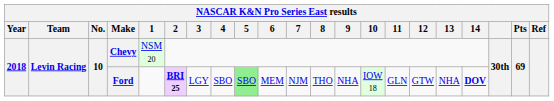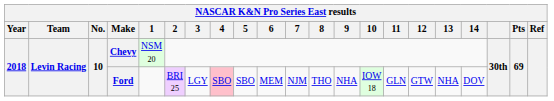 <table class="wikitable" style="text-align:center; font-size:75%">
 <tr>
 <th colspan=45><a href='#'>NASCAR K&N Pro Series East</a> results</th>
 </tr>
 <tr>
 <th>Year</th>
 <th>Team</th>
 <th>No.</th>
 <th>Make</th>
 <th>1</th>
 <th>2</th>
 <th>3</th>
 <th>4</th>
 <th>5</th>
 <th>6</th>
 <th>7</th>
 <th>8</th>
 <th>9</th>
 <th>10</th>
 <th>11</th>
 <th>12</th>
 <th>13</th>
 <th>14</th>
 <th></th>
 <th>Pts</th>
 <th>Ref</th>
 </tr>
 <tr>
 <th rowspan=2><a href='#'>2018</a></th>
 <th rowspan=2><a href='#'>Levin Racing</a></th>
 <th rowspan=2>10</th>
 <th><a href='#'>Chevy</a></th>
 <td style="background:#DFFFDF;"><a href='#'>NSM</a><br><small>20</small></td>
 <td colspan=13></td>
 <th rowspan=2>30th</th>
 <th rowspan=2>69</th>
 <th rowspan=2></th>
 </tr>
 <tr>
 <th><a href='#'>Ford</a></th>
 <td></td>
-<td style="background:#EFCFFF;"><strong><a href='#'>BRI</a><br><small>25</small></strong></td>
+<td style="background:#EFCFFF;"><a href='#'>BRI</a><br><small>25</small></td>
 <td><a href='#'>LGY</a></td>
+<td style="background: pink;"><a href='#'>SBO</a></td>
 <td><a href='#'>SBO</a></td>
-<td style="background: lightgreen;"><a href='#'>SBO</a></td>
 <td><a href='#'>MEM</a></td>
 <td><a href='#'>NJM</a></td>
 <td><a href='#'>THO</a></td>
 <td><a href='#'>NHA</a></td>
 <td style="background:#DFFFDF;"><a href='#'>IOW</a><br><small>18</small></td>
 <td><a href='#'>GLN</a></td>
 <td><a href='#'>GTW</a></td>
 <td><a href='#'>NHA</a></td>
-<td><strong><a href='#'>DOV</a></strong></td>
+<td><a href='#'>DOV</a></td>
 </tr>
 </table>
